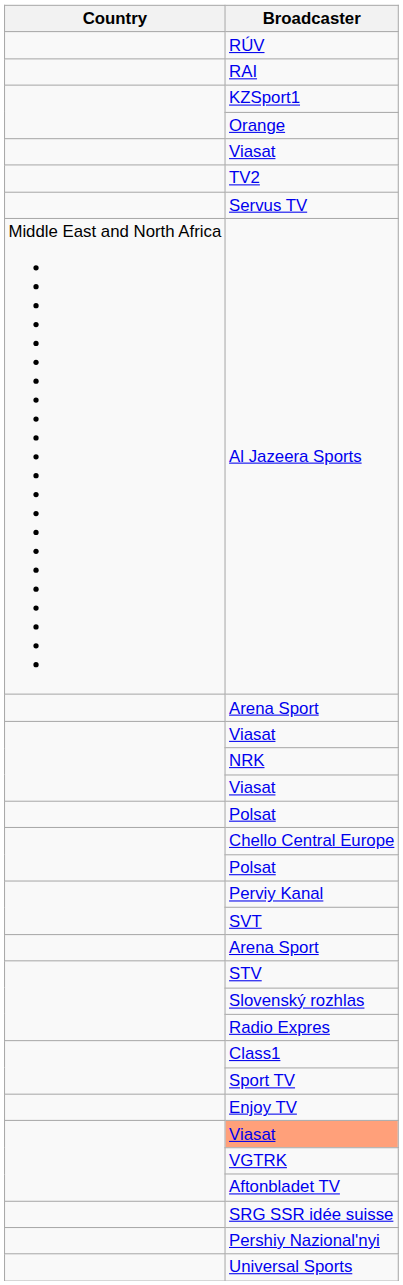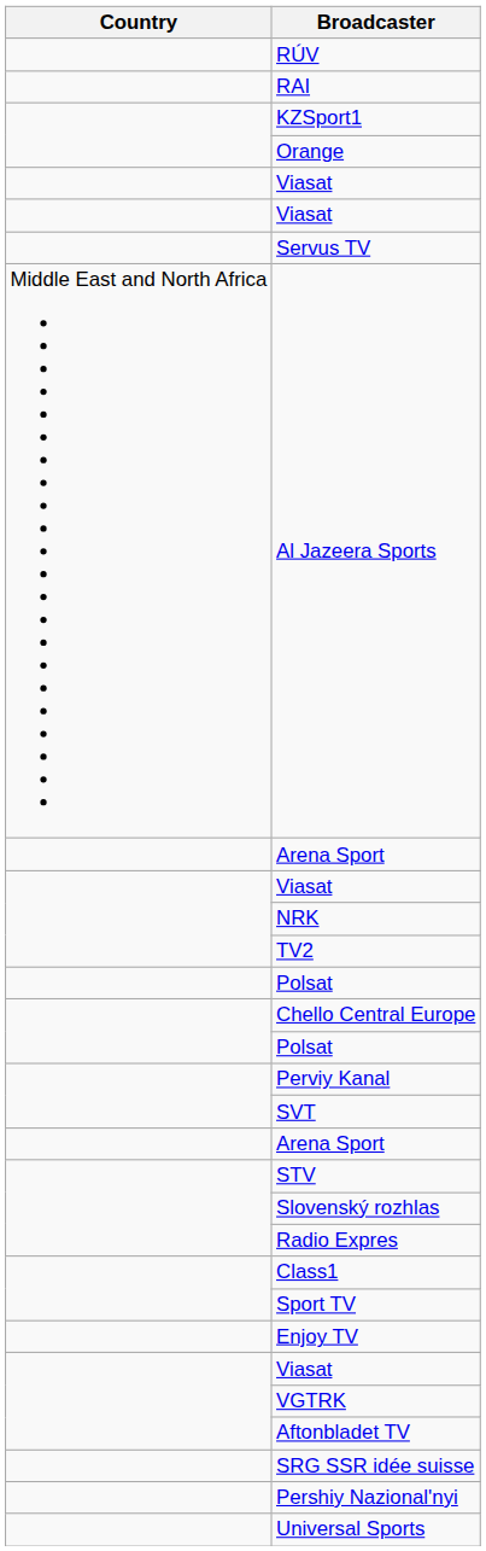 <table class="wikitable" style="float:left; margin-right:1em;">
 <tr>
 <th>Country</th>
 <th>Broadcaster</th>
 </tr>
 <tr>
 <td></td>
 <td><a href='#'>RÚV</a></td>
 </tr>
 <tr>
 <td></td>
 <td><a href='#'>RAI</a></td>
 </tr>
 <tr>
 <td rowspan=2></td>
 <td><a href='#'>KZSport1</a></td>
 </tr>
 <tr>
 <td><a href='#'>Orange</a></td>
 </tr>
 <tr>
 <td></td>
 <td><a href='#'>Viasat</a></td>
 </tr>
 <tr>
 <td></td>
-<td><a href='#'>TV2</a></td>
+<td><a href='#'>Viasat</a></td>
 </tr>
 <tr>
 <td></td>
 <td><a href='#'>Servus TV</a></td>
 </tr>
 <tr>
 <td>Middle East and North Africa<br><ul><li></li><li></li><li></li><li></li><li></li><li></li><li></li><li></li><li></li><li></li><li></li><li></li><li></li><li></li><li></li><li></li><li></li><li></li><li></li><li></li><li></li><li></li></ul></td>
 <td><a href='#'>Al Jazeera Sports</a></td>
 </tr>
 <tr>
 <td></td>
 <td><a href='#'>Arena Sport</a></td>
 </tr>
 <tr>
 <td rowspan=3></td>
 <td><a href='#'>Viasat</a></td>
 </tr>
 <tr>
 <td><a href='#'>NRK</a></td>
 </tr>
 <tr>
-<td><a href='#'>Viasat</a></td>
+<td><a href='#'>TV2</a></td>
 </tr>
 <tr>
 <td></td>
 <td><a href='#'>Polsat</a></td>
 </tr>
 <tr>
 <td rowspan=2></td>
 <td><a href='#'>Chello Central Europe</a></td>
 </tr>
 <tr>
 <td><a href='#'>Polsat</a></td>
 </tr>
 <tr>
 <td rowspan=2></td>
 <td><a href='#'>Perviy Kanal</a></td>
 </tr>
 <tr>
 <td><a href='#'>SVT</a></td>
 </tr>
 <tr>
 <td></td>
 <td><a href='#'>Arena Sport</a></td>
 </tr>
 <tr>
 <td rowspan=3></td>
 <td><a href='#'>STV</a></td>
 </tr>
 <tr>
 <td><a href='#'>Slovenský rozhlas</a></td>
 </tr>
 <tr>
 <td><a href='#'>Radio Expres</a></td>
 </tr>
 <tr>
 <td rowspan=2></td>
 <td><a href='#'>Class1</a></td>
 </tr>
 <tr>
 <td><a href='#'>Sport TV</a></td>
 </tr>
 <tr>
 <td></td>
 <td><a href='#'>Enjoy TV</a></td>
 </tr>
 <tr>
 <td rowspan=3></td>
-<td style="background: lightsalmon;"><a href='#'>Viasat</a></td>
+<td><a href='#'>Viasat</a></td>
 </tr>
 <tr>
 <td><a href='#'>VGTRK</a></td>
 </tr>
 <tr>
 <td><a href='#'>Aftonbladet TV</a></td>
 </tr>
 <tr>
 <td></td>
 <td><a href='#'>SRG SSR idée suisse</a></td>
 </tr>
 <tr>
 <td></td>
 <td><a href='#'>Pershiy Nazional'nyi</a></td>
 </tr>
 <tr>
 <td></td>
 <td><a href='#'>Universal Sports</a></td>
 </tr>
 </table>
